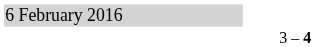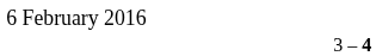 <table style="width:70%;" cellspacing="1">
 <tr>
 <th width=35%></th>
 <th width=15%></th>
 <th></th>
 </tr>
 <tr>
-<td style="background: lightgrey;">6 February 2016</td>
+<td>6 February 2016</td>
 </tr>
 <tr style=font-size:90%>
 <td align=right></td>
 <td align=center>3 – <strong>4</strong></td>
 <td><strong></strong></td>
 </tr>
 </table>
